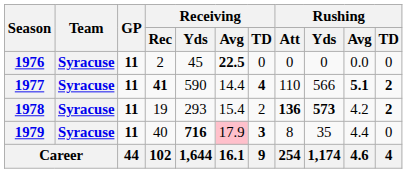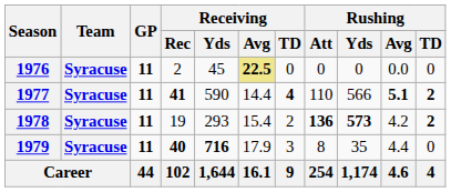 <table class="wikitable" style="text-align:center;">
 <tr>
 <th rowspan="2">Season</th>
 <th rowspan="2">Team</th>
 <th rowspan="2">GP</th>
 <th colspan="4">Receiving</th>
 <th colspan="4">Rushing</th>
 </tr>
 <tr>
 <th>Rec</th>
 <th>Yds</th>
 <th>Avg</th>
 <th>TD</th>
 <th>Att</th>
 <th>Yds</th>
 <th>Avg</th>
 <th>TD</th>
 </tr>
 <tr>
 <th><a href='#'>1976</a></th>
 <th><a href='#'>Syracuse</a></th>
 <td><strong>11</strong></td>
 <td>2</td>
 <td>45</td>
-<td><strong>22.5</strong></td>
+<td style="background: khaki;"><strong>22.5</strong></td>
 <td>0</td>
 <td>0</td>
 <td>0</td>
 <td>0.0</td>
 <td>0</td>
 </tr>
 <tr>
 <th><a href='#'>1977</a></th>
 <th><a href='#'>Syracuse</a></th>
 <td><strong>11</strong></td>
 <td><strong>41</strong></td>
 <td>590</td>
 <td>14.4</td>
 <td><strong>4</strong></td>
 <td>110</td>
 <td>566</td>
 <td><strong>5.1</strong></td>
 <td><strong>2</strong></td>
 </tr>
 <tr>
 <th><a href='#'>1978</a></th>
 <th><a href='#'>Syracuse</a></th>
 <td><strong>11</strong></td>
 <td>19</td>
 <td>293</td>
 <td>15.4</td>
 <td>2</td>
 <td><strong>136</strong></td>
 <td><strong>573</strong></td>
 <td>4.2</td>
 <td><strong>2</strong></td>
 </tr>
 <tr>
 <th><a href='#'>1979</a></th>
 <th><a href='#'>Syracuse</a></th>
 <td><strong>11</strong></td>
-<td>40</td>
+<td><strong>40</strong></td>
 <td><strong>716</strong></td>
-<td style="background: pink;">17.9</td>
-<td><strong>3</strong></td>
+<td>17.9</td>
+<td>3</td>
 <td>8</td>
 <td>35</td>
 <td>4.4</td>
 <td>0</td>
 </tr>
 <tr>
 <th colspan="2">Career</th>
 <th>44</th>
 <th>102</th>
 <th>1,644</th>
 <th>16.1</th>
 <th>9</th>
 <th>254</th>
 <th>1,174</th>
 <th>4.6</th>
 <th>4</th>
 </tr>
 </table>
